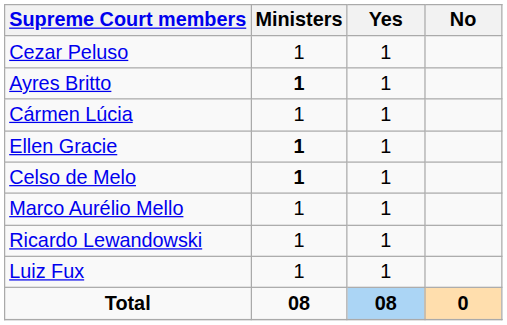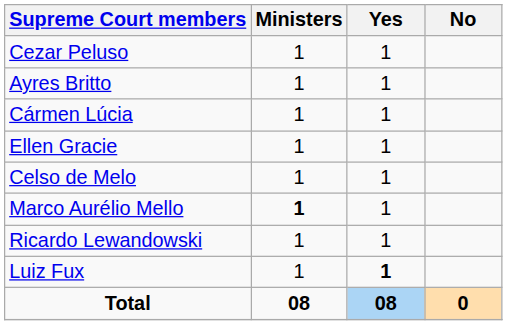 <table class="wikitable">
 <tr>
 <th><a href='#'>Supreme Court members</a></th>
 <th width="55pt">Ministers</th>
 <th width="55pt">Yes</th>
 <th width="55pt">No</th>
 </tr>
 <tr>
 <td align="left"><a href='#'>Cezar Peluso</a></td>
 <td align="center">1</td>
 <td align="center">1</td>
 <td align="center"></td>
 </tr>
 <tr>
 <td align="left"><a href='#'>Ayres Britto</a></td>
-<td align="center"><strong>1</strong></td>
+<td align="center">1</td>
 <td align="center">1</td>
 <td align="center"></td>
 </tr>
 <tr>
 <td align="left"><a href='#'>Cármen Lúcia</a></td>
 <td align="center">1</td>
 <td align="center">1</td>
 <td align="center"></td>
 </tr>
 <tr>
 <td align="left"><a href='#'>Ellen Gracie</a></td>
-<td align="center"><strong>1</strong></td>
+<td align="center">1</td>
 <td align="center">1</td>
 <td align="center"></td>
 </tr>
 <tr>
 <td align="left"><a href='#'>Celso de Melo</a></td>
-<td align="center"><strong>1</strong></td>
+<td align="center">1</td>
 <td align="center">1</td>
 <td align="center"></td>
 </tr>
 <tr>
 <td align="left"><a href='#'>Marco Aurélio Mello</a></td>
-<td align="center">1</td>
+<td align="center"><strong>1</strong></td>
 <td align="center">1</td>
 <td align="center"></td>
 </tr>
 <tr>
 <td align="left"><a href='#'>Ricardo Lewandowski</a></td>
 <td align="center">1</td>
 <td align="center">1</td>
 <td align="center"></td>
 </tr>
 <tr>
 <td align="left"><a href='#'>Luiz Fux</a></td>
 <td align="center">1</td>
-<td align="center">1</td>
+<td align="center"><strong>1</strong></td>
 <td align="center"></td>
 </tr>
 <tr>
 <td align="center"><strong>Total</strong></td>
 <td align="center"><strong>08</strong></td>
 <td align="center" bgcolor="#abd5f5"><strong>08</strong></td>
 <td align="center" bgcolor="#FFDEAD"><strong>0</strong></td>
 </tr>
 <tr>
 </tr>
 </table>
